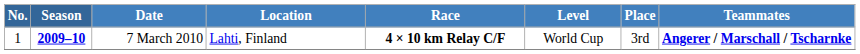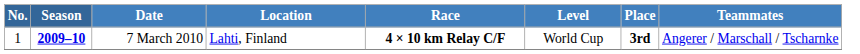 <table class="wikitable sortable" style="font-size:95%; text-align:center; border:grey solid 1px; border-collapse:collapse; background:#ffffff;">
 <tr style="background:#efefef;">
 <th style="background-color:#369; color:white;">No.</th>
 <th style="background-color:#369; color:white;">Season</th>
 <th style="background-color:#4180be; color:white; width:120px;">Date</th>
 <th style="background-color:#4180be; color:white; width:170px;">Location</th>
 <th style="background-color:#4180be; color:white; width:170px;">Race</th>
 <th style="background-color:#4180be; color:white; width:100px;">Level</th>
 <th style="background-color:#4180be; color:white;">Place</th>
 <th style="background-color:#4180be; color:white;">Teammates</th>
 </tr>
 <tr>
 <td align=center>1</td>
 <td rowspan=1 align=center><strong> <a href='#'>2009–10</a> </strong></td>
 <td align=right>7 March 2010</td>
 <td align=left> <a href='#'>Lahti</a>, Finland</td>
 <td><strong>4 × 10 km Relay C/F</strong></td>
 <td>World Cup</td>
-<td>3rd</td>
-<td><strong><a href='#'>Angerer</a> / <a href='#'>Marschall</a> / <a href='#'>Tscharnke</a></strong></td>
+<td><strong>3rd</strong></td>
+<td><a href='#'>Angerer</a> / <a href='#'>Marschall</a> / <a href='#'>Tscharnke</a></td>
 </tr>
 <tr>
 </tr>
 </table>
